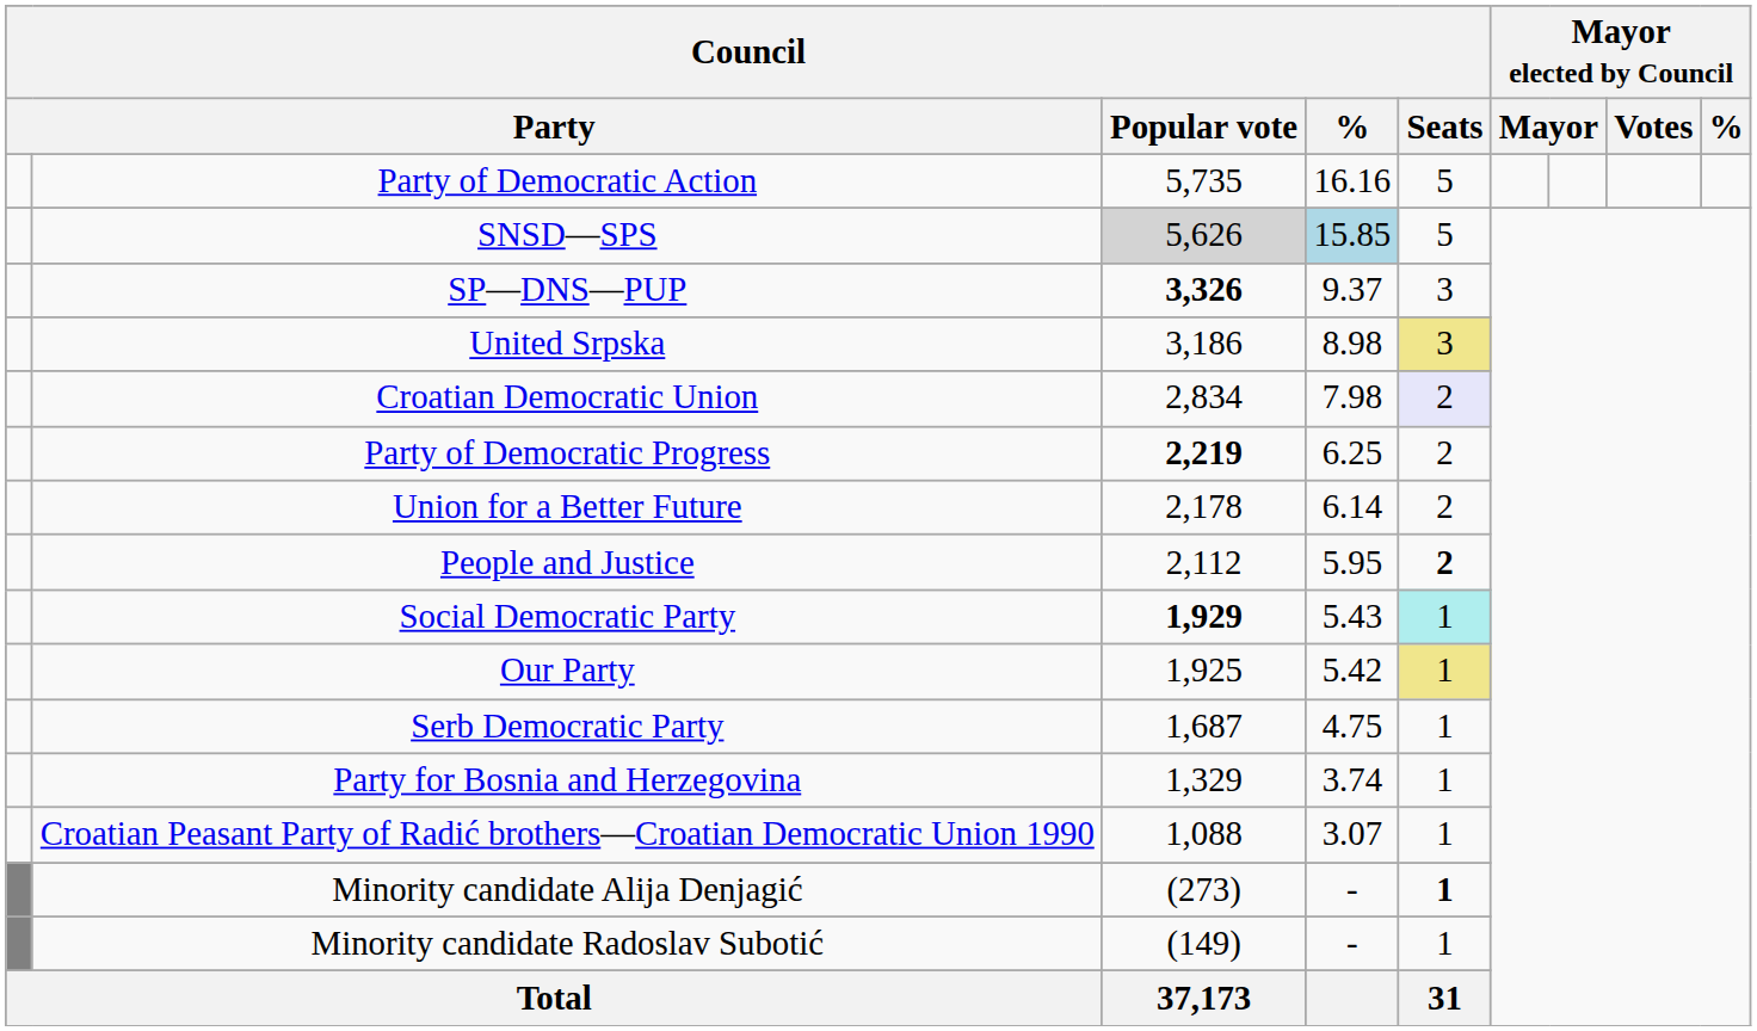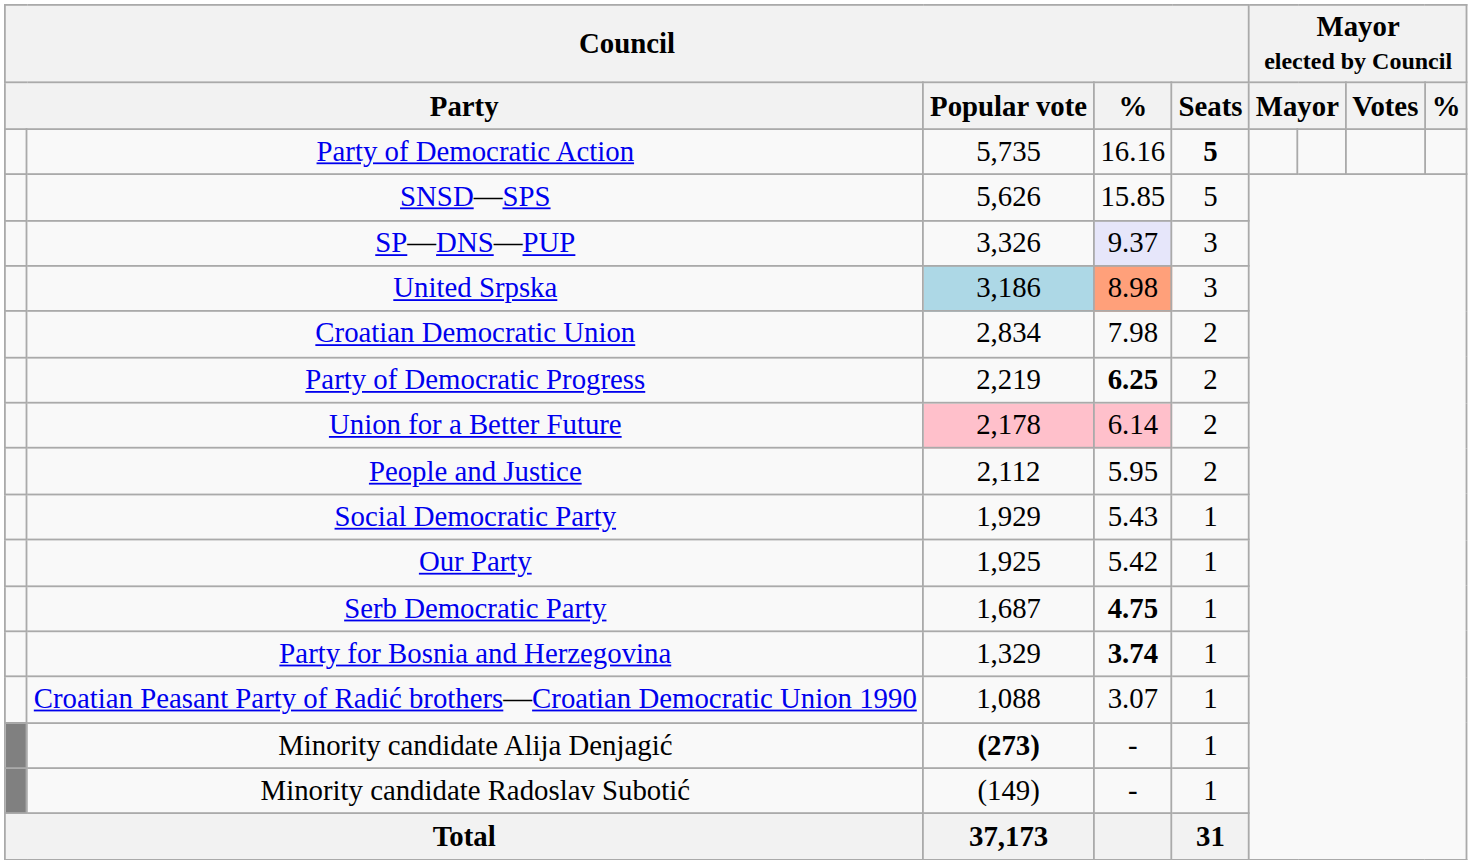 <table class="wikitable">
 <tr>
 <th colspan=5>Council</th>
 <th colspan=5>Mayor<br><small>elected by Council</small></th>
 </tr>
 <tr>
 <th colspan=2>Party</th>
 <th>Popular vote</th>
 <th>%</th>
 <th>Seats</th>
 <th colspan=2>Mayor</th>
 <th>Votes</th>
 <th>%</th>
 </tr>
 <tr>
 <td width=5px style="background-color:"></td>
 <td align=center><a href='#'>Party of Democratic Action</a></td>
 <td align=center>5,735</td>
 <td align=center>16.16</td>
-<td align=center>5</td>
+<td align=center><strong>5</strong></td>
 <td></td>
 <td></td>
 <td align=center></td>
 <td align=center></td>
 </tr>
 <tr>
 <td width=5px style="background-color:"></td>
 <td align=center><a href='#'>SNSD</a>—<a href='#'>SPS</a></td>
-<td align=center style="background: lightgrey;">5,626</td>
-<td align=center style="background: lightblue;">15.85</td>
+<td align=center>5,626</td>
+<td align=center>15.85</td>
 <td align=center>5</td>
 </tr>
 <tr>
 <td width=5px style="background-color:"></td>
 <td align=center><a href='#'>SP</a>—<a href='#'>DNS</a>—<a href='#'>PUP</a></td>
-<td align=center><strong>3,326</strong></td>
-<td align=center>9.37</td>
+<td align=center>3,326</td>
+<td align=center style="background: lavender;">9.37</td>
 <td align=center>3</td>
 </tr>
 <tr>
 <td width=5px style="background-color:"></td>
 <td align=center><a href='#'>United Srpska</a></td>
-<td align=center>3,186</td>
-<td align=center>8.98</td>
-<td align=center style="background: khaki;">3</td>
+<td align=center style="background: lightblue;">3,186</td>
+<td align=center style="background: lightsalmon;">8.98</td>
+<td align=center>3</td>
 </tr>
 <tr>
 <td width=5px style="background-color:"></td>
 <td align=center><a href='#'>Croatian Democratic Union</a></td>
 <td align=center>2,834</td>
 <td align=center>7.98</td>
-<td align=center style="background: lavender;">2</td>
+<td align=center>2</td>
 </tr>
 <tr>
 <td width=5px style="background-color:"></td>
 <td align=center><a href='#'>Party of Democratic Progress</a></td>
-<td align=center><strong>2,219</strong></td>
-<td align=center>6.25</td>
+<td align=center>2,219</td>
+<td align=center><strong>6.25</strong></td>
 <td align=center>2</td>
 </tr>
 <tr>
 <td width=5px style="background-color:"></td>
 <td align=center><a href='#'>Union for a Better Future</a></td>
-<td align=center>2,178</td>
-<td align=center>6.14</td>
+<td align=center style="background: pink;">2,178</td>
+<td align=center style="background: pink;">6.14</td>
 <td align=center>2</td>
 </tr>
 <tr>
 <td width=5px style="background-color:"></td>
 <td align=center><a href='#'>People and Justice</a></td>
 <td align=center>2,112</td>
 <td align=center>5.95</td>
-<td align=center><strong>2</strong></td>
+<td align=center>2</td>
 </tr>
 <tr>
 <td width=5px style="background-color:"></td>
 <td align=center><a href='#'>Social Democratic Party</a></td>
-<td align=center><strong>1,929</strong></td>
+<td align=center>1,929</td>
 <td align=center>5.43</td>
-<td align=center style="background: paleturquoise;">1</td>
+<td align=center>1</td>
 </tr>
 <tr>
 <td width=5px style="background-color:"></td>
 <td align=center><a href='#'>Our Party</a></td>
 <td align=center>1,925</td>
 <td align=center>5.42</td>
-<td align=center style="background: khaki;">1</td>
+<td align=center>1</td>
 </tr>
 <tr>
 <td width=5px style="background-color:"></td>
 <td align=center><a href='#'>Serb Democratic Party</a></td>
 <td align=center>1,687</td>
-<td align=center>4.75</td>
+<td align=center><strong>4.75</strong></td>
 <td align=center>1</td>
 </tr>
 <tr>
 <td width=5px style="background-color:"></td>
 <td align=center><a href='#'>Party for Bosnia and Herzegovina</a></td>
 <td align=center>1,329</td>
-<td align=center>3.74</td>
+<td align=center><strong>3.74</strong></td>
 <td align=center>1</td>
 </tr>
 <tr>
 <td width=5px style="background-color:"></td>
 <td align=center><a href='#'>Croatian Peasant Party of Radić brothers</a>—<a href='#'>Croatian Democratic Union 1990</a></td>
 <td align=center>1,088</td>
 <td align=center>3.07</td>
 <td align=center>1</td>
 </tr>
 <tr>
 <td width=5px style="background-color:grey"></td>
 <td align=center>Minority candidate Alija Denjagić</td>
-<td align=center>(273)</td>
+<td align=center><strong>(273)</strong></td>
 <td align=center>-</td>
-<td align=center><strong>1</strong></td>
+<td align=center>1</td>
 </tr>
 <tr>
 <td width=5px style="background-color:grey"></td>
 <td align=center>Minority candidate Radoslav Subotić</td>
 <td align=center>(149)</td>
 <td align=center>-</td>
 <td align=center>1</td>
 </tr>
 <tr>
 <th colspan=2>Total</th>
 <th align=center>37,173</th>
 <th align=center></th>
 <th align=center>31</th>
 </tr>
 <tr>
 </tr>
 </table>
